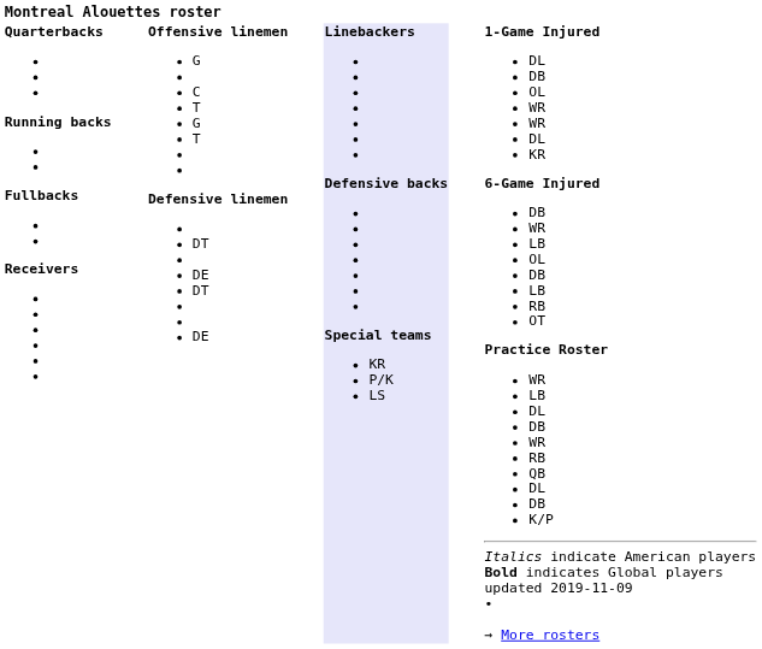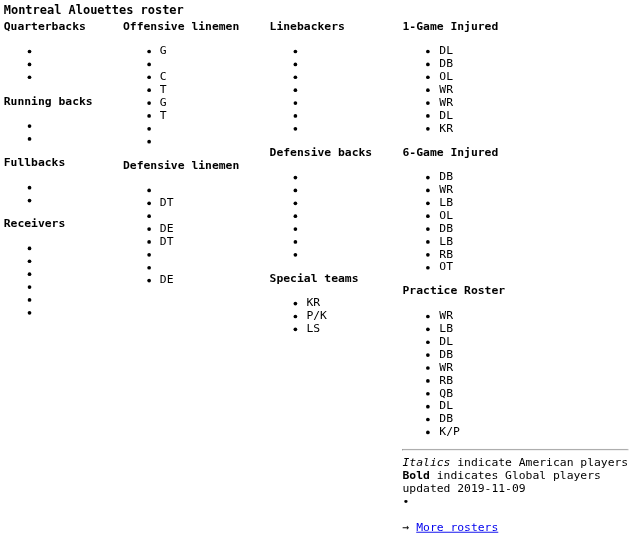 <table class="toccolours" style="text-align: left;">
 <tr>
 <th colspan="10">Montreal Alouettes roster</th>
 </tr>
 <tr>
 <td style="font-size: 95%;vertical-align:top;"><strong>Quarterbacks</strong><br><ul><li></li><li></li><li></li></ul><strong>Running backs</strong><ul><li></li><li></li></ul><strong>Fullbacks</strong><ul><li></li><li></li></ul><strong>Receivers</strong><ul><li></li><li></li><li></li><li></li><li></li><li></li></ul></td>
 <td style="width: 25px;"></td>
 <td style="font-size: 95%;vertical-align:top;"><strong>Offensive linemen</strong><br><ul><li> G</li><li></li><li> C</li><li> T</li><li> G</li><li> T</li><li></li><li></li></ul><strong>Defensive linemen</strong><ul><li></li><li> DT</li><li></li><li> DE</li><li> DT</li><li></li><li></li><li> DE</li></ul></td>
 <td style="width: 25px;"></td>
-<td style="background: lavender; font-size: 95%;vertical-align:top;"><strong>Linebackers</strong><br><ul><li></li><li></li><li></li><li></li><li></li><li></li><li></li></ul><strong>Defensive backs</strong><ul><li></li><li></li><li></li><li></li><li></li><li></li><li></li></ul><strong>Special teams</strong><ul><li> KR</li><li> P/K</li><li> LS</li></ul></td>
+<td style="font-size: 95%;vertical-align:top;"><strong>Linebackers</strong><br><ul><li></li><li></li><li></li><li></li><li></li><li></li><li></li></ul><strong>Defensive backs</strong><ul><li></li><li></li><li></li><li></li><li></li><li></li><li></li></ul><strong>Special teams</strong><ul><li> KR</li><li> P/K</li><li> LS</li></ul></td>
 <td style="width: 25px;"></td>
 <td style="font-size: 95%;vertical-align:top;"><strong>1-Game Injured</strong><br><ul><li> DL</li><li> DB</li><li> OL</li><li> WR</li><li> WR</li><li> DL</li><li> KR</li></ul><strong>6-Game Injured</strong><ul><li> DB</li><li> WR</li><li> LB</li><li> OL</li><li> DB</li><li> LB</li><li> RB</li><li> OT</li></ul><strong>Practice Roster</strong><ul><li> WR</li><li> LB</li><li> DL</li><li> DB</li><li> WR</li><li> RB</li><li> QB</li><li> DL</li><li> DB</li><li> K/P</li></ul><hr> <em>Italics</em> indicate American players<br> <strong>Bold</strong> indicates Global players<br> <span></span> updated 2019-11-09<br> <span></span> • <span></span><br> <br>→ <a href='#'>More rosters</a></td>
 </tr>
 <tr>
 </tr>
 </table>
